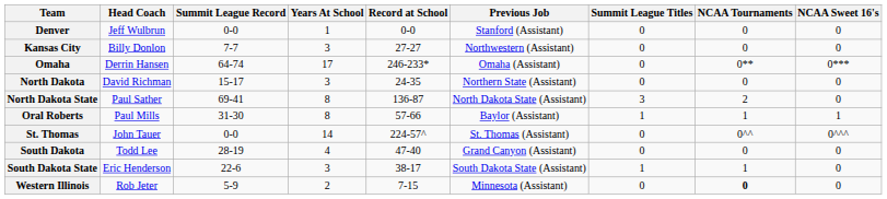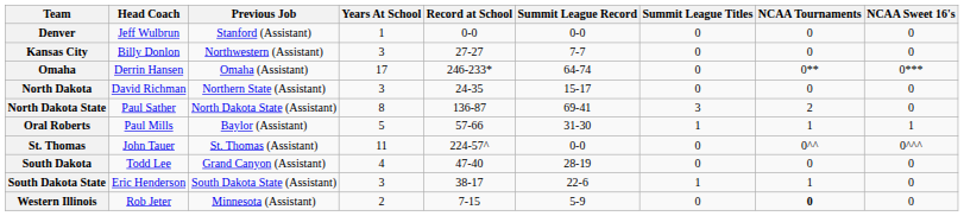 <table class="wikitable sortable" style="text-align:center">
 <tr>
 <th>Team</th>
 <th>Head Coach</th>
-<th>Summit League Record</th>
+<th>Previous Job</th>
 <th>Years At School</th>
 <th>Record at School</th>
-<th>Previous Job</th>
+<th>Summit League Record</th>
 <th>Summit League Titles</th>
 <th>NCAA Tournaments</th>
 <th>NCAA Sweet 16's</th>
 </tr>
 <tr>
 <th>Denver</th>
 <td><a href='#'>Jeff Wulbrun</a></td>
-<td>0-0</td>
+<td><a href='#'>Stanford</a> (Assistant)</td>
 <td>1</td>
 <td>0-0</td>
-<td><a href='#'>Stanford</a> (Assistant)</td>
+<td>0-0</td>
 <td>0</td>
 <td>0</td>
 <td>0</td>
 </tr>
 <tr>
 <th>Kansas City</th>
 <td><a href='#'>Billy Donlon</a></td>
-<td>7-7</td>
+<td><a href='#'>Northwestern</a> (Assistant)</td>
 <td>3</td>
 <td>27-27</td>
-<td><a href='#'>Northwestern</a> (Assistant)</td>
+<td>7-7</td>
 <td>0</td>
 <td>0</td>
 <td>0</td>
 </tr>
 <tr>
 <th>Omaha</th>
 <td><a href='#'>Derrin Hansen</a></td>
-<td>64-74</td>
+<td><a href='#'>Omaha</a> (Assistant)</td>
 <td>17</td>
 <td>246-233*</td>
-<td><a href='#'>Omaha</a> (Assistant)</td>
+<td>64-74</td>
 <td>0</td>
 <td>0**</td>
 <td>0***</td>
 </tr>
 <tr>
 <th>North Dakota</th>
 <td><a href='#'>David Richman</a></td>
-<td>15-17</td>
+<td><a href='#'>Northern State</a> (Assistant)</td>
 <td>3</td>
 <td>24-35</td>
-<td><a href='#'>Northern State</a> (Assistant)</td>
+<td>15-17</td>
 <td>0</td>
 <td>0</td>
 <td>0</td>
 </tr>
 <tr>
 <th>North Dakota State</th>
 <td><a href='#'>Paul Sather</a></td>
-<td>69-41</td>
+<td><a href='#'>North Dakota State</a> (Assistant)</td>
 <td>8</td>
 <td>136-87</td>
-<td><a href='#'>North Dakota State</a> (Assistant)</td>
+<td>69-41</td>
 <td>3</td>
 <td>2</td>
 <td>0</td>
 </tr>
 <tr>
 <th>Oral Roberts</th>
 <td><a href='#'>Paul Mills</a></td>
+<td><a href='#'>Baylor</a> (Assistant)</td>
+<td>5</td>
+<td>57-66</td>
 <td>31-30</td>
-<td>8</td>
-<td>57-66</td>
-<td><a href='#'>Baylor</a> (Assistant)</td>
 <td>1</td>
 <td>1</td>
 <td>1</td>
 </tr>
 <tr>
 <th>St. Thomas</th>
 <td><a href='#'>John Tauer</a></td>
+<td><a href='#'>St. Thomas</a> (Assistant)</td>
+<td>11</td>
+<td>224-57^</td>
 <td>0-0</td>
-<td>14</td>
-<td>224-57^</td>
-<td><a href='#'>St. Thomas</a> (Assistant)</td>
 <td>0</td>
 <td>0^^</td>
 <td>0^^^</td>
 </tr>
 <tr>
 <th>South Dakota</th>
 <td><a href='#'>Todd Lee</a></td>
-<td>28-19</td>
+<td><a href='#'>Grand Canyon</a> (Assistant)</td>
 <td>4</td>
 <td>47-40</td>
-<td><a href='#'>Grand Canyon</a> (Assistant)</td>
+<td>28-19</td>
 <td>0</td>
 <td>0</td>
 <td>0</td>
 </tr>
 <tr>
 <th>South Dakota State</th>
 <td><a href='#'>Eric Henderson</a></td>
-<td>22-6</td>
+<td><a href='#'>South Dakota State</a> (Assistant)</td>
 <td>3</td>
 <td>38-17</td>
-<td><a href='#'>South Dakota State</a> (Assistant)</td>
+<td>22-6</td>
 <td>1</td>
 <td>1</td>
 <td>0</td>
 </tr>
 <tr>
 <th>Western Illinois</th>
 <td><a href='#'>Rob Jeter</a></td>
-<td>5-9</td>
+<td><a href='#'>Minnesota</a> (Assistant)</td>
 <td>2</td>
 <td>7-15</td>
-<td><a href='#'>Minnesota</a> (Assistant)</td>
+<td>5-9</td>
 <td>0</td>
 <td><strong>0</strong></td>
 <td>0</td>
 </tr>
 </table>
